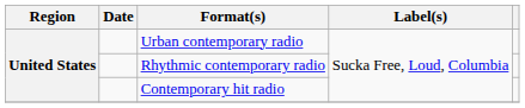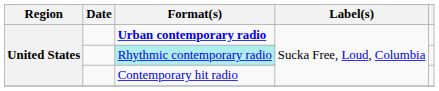 <table class="wikitable plainrowheaders" style="text-align:left">
 <tr>
 <th scope="col">Region</th>
 <th scope="col">Date</th>
 <th scope="col">Format(s)</th>
 <th scope="col">Label(s)</th>
 <th scope="col"></th>
 </tr>
 <tr>
 <th scope="row" rowspan="3">United States</th>
 <td></td>
-<td><a href='#'>Urban contemporary radio</a></td>
+<td><strong><a href='#'>Urban contemporary radio</a></strong></td>
 <td rowspan="3">Sucka Free, <a href='#'>Loud</a>, <a href='#'>Columbia</a></td>
 <td></td>
 </tr>
 <tr>
 <td></td>
-<td><a href='#'>Rhythmic contemporary radio</a></td>
+<td style="background: paleturquoise;"><a href='#'>Rhythmic contemporary radio</a></td>
 <td></td>
 </tr>
 <tr>
 <td></td>
 <td><a href='#'>Contemporary hit radio</a></td>
 <td></td>
 </tr>
 <tr>
 </tr>
 </table>
